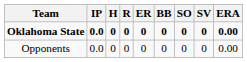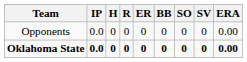 <table class="wikitable sortable">
 <tr>
 <th>Team</th>
 <th>IP</th>
 <th>H</th>
 <th>R</th>
 <th>ER</th>
 <th>BB</th>
 <th>SO</th>
 <th>SV</th>
 <th>ERA</th>
 </tr>
 <tr style="text-align:center;">
+<td>Opponents</td>
+<td>0.0</td>
+<td>0</td>
+<td>0</td>
+<td>0</td>
+<td>0</td>
+<td>0</td>
+<td>0</td>
+<td>0.00</td>
+</tr>
+<tr style="text-align:center;">
 <td><strong>Oklahoma State</strong></td>
 <td><strong>0.0</strong></td>
 <td><strong>0</strong></td>
 <td><strong>0</strong></td>
 <td><strong>0</strong></td>
 <td><strong>0</strong></td>
 <td><strong>0</strong></td>
 <td><strong>0</strong></td>
 <td><strong>0.00</strong></td>
 </tr>
-<tr style="text-align:center;">
-<td>Opponents</td>
-<td>0.0</td>
-<td>0</td>
-<td>0</td>
-<td>0</td>
-<td>0</td>
-<td>0</td>
-<td>0</td>
-<td>0.00</td>
-</tr>
 </table>
